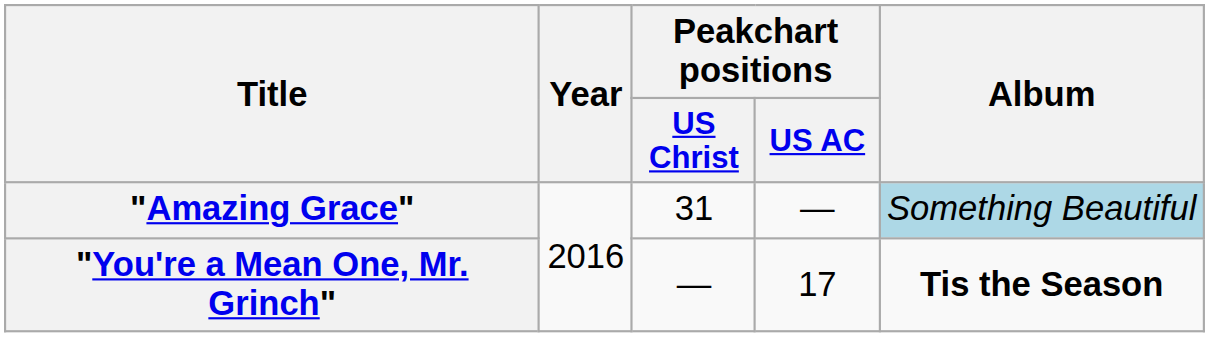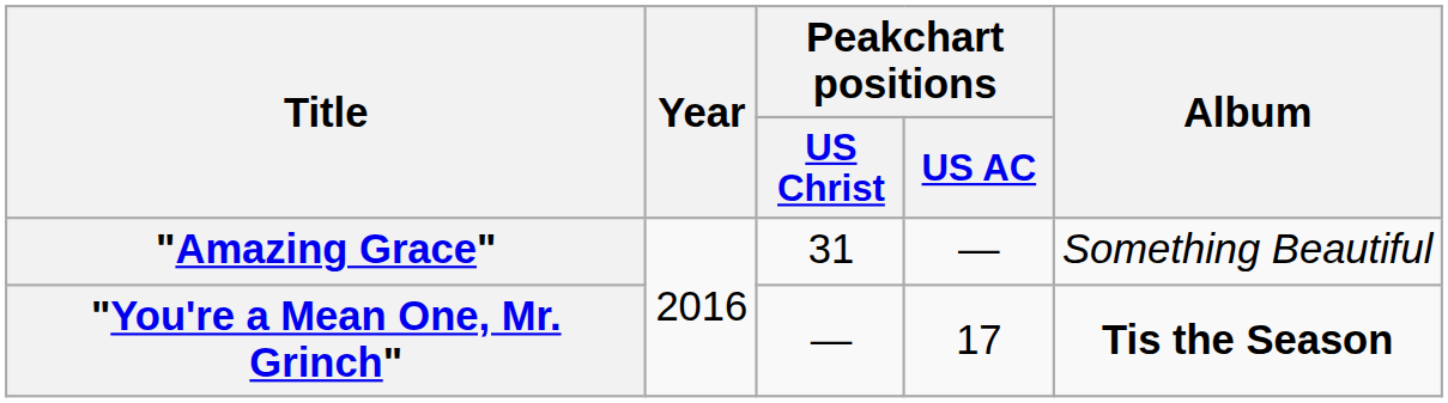 <table class="wikitable plainrowheaders" style="text-align:center;">
 <tr>
 <th rowspan="2" style="width:15em;">Title</th>
 <th rowspan="2" style="width:2em;">Year</th>
 <th scope="col" colspan="2">Peakchart positions</th>
 <th rowspan="2" style="wdith:12em;">Album</th>
 </tr>
 <tr>
 <th scope="col" style="width:3.5em; font-size:90%;"><a href='#'>US Christ</a><br></th>
 <th scope="col" style="width:3.5em; font-size:90%;"><a href='#'>US AC</a><br></th>
 </tr>
 <tr>
 <th scope="row">"<a href='#'>Amazing Grace</a>"</th>
 <td rowspan="2">2016</td>
 <td>31</td>
 <td>—</td>
-<td style="background: lightblue;"><em>Something Beautiful</em></td>
+<td><em>Something Beautiful</em></td>
 </tr>
 <tr>
 <th scope="row">"<a href='#'>You're a Mean One, Mr. Grinch</a>"</th>
 <td>—</td>
 <td>17</td>
 <td><strong>Tis the Season<em></td>
 </tr>
 </table>
